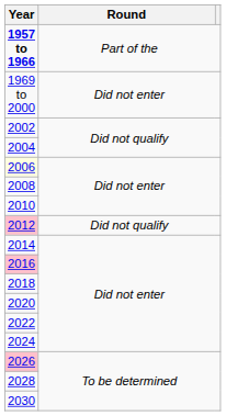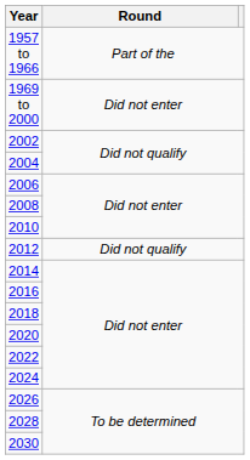 <table class="wikitable" style="text-align: center; font-size:90%">
 <tr>
 <th>Year</th>
 <th style="width:200px">Round</th>
 <th></th>
 </tr>
 <tr>
-<td><strong><a href='#'>1957</a><br>to<br><a href='#'>1966</a></strong></td>
+<td><a href='#'>1957</a><br>to<br><a href='#'>1966</a></td>
 <td colspan="2"><em>Part of the </em></td>
 </tr>
 <tr>
 <td><a href='#'>1969</a><br>to<br><a href='#'>2000</a></td>
 <td colspan="2"><em>Did not enter</em></td>
 </tr>
 <tr>
 <td><a href='#'>2002</a></td>
 <td colspan="2" rowspan="2"><em>Did not qualify</em></td>
 </tr>
 <tr>
 <td><a href='#'>2004</a></td>
 </tr>
 <tr>
-<td style="background: lightyellow;"><a href='#'>2006</a></td>
+<td><a href='#'>2006</a></td>
 <td colspan="2" rowspan="3"><em>Did not enter</em></td>
 </tr>
 <tr>
 <td><a href='#'>2008</a></td>
 </tr>
 <tr>
 <td><a href='#'>2010</a></td>
 </tr>
 <tr>
-<td style="background: pink;"><a href='#'>2012</a></td>
+<td><a href='#'>2012</a></td>
 <td colspan="2"><em>Did not qualify</em></td>
 </tr>
 <tr>
 <td><a href='#'>2014</a></td>
 <td colspan="2" rowspan="6"><em>Did not enter</em></td>
 </tr>
 <tr>
-<td style="background: pink;"><a href='#'>2016</a></td>
+<td><a href='#'>2016</a></td>
 </tr>
 <tr>
 <td><a href='#'>2018</a></td>
 </tr>
 <tr>
 <td><a href='#'>2020</a></td>
 </tr>
 <tr>
 <td><a href='#'>2022</a></td>
 </tr>
 <tr>
 <td><a href='#'>2024</a></td>
 </tr>
 <tr>
-<td style="background: pink;"><a href='#'>2026</a></td>
+<td><a href='#'>2026</a></td>
 <td colspan="2" rowspan="3"><em>To be determined</em></td>
 </tr>
 <tr>
 <td><a href='#'>2028</a></td>
 </tr>
 <tr>
 <td><a href='#'>2030</a></td>
 </tr>
 </table>
